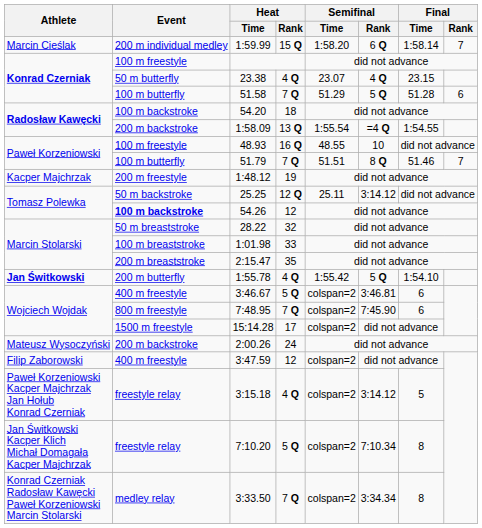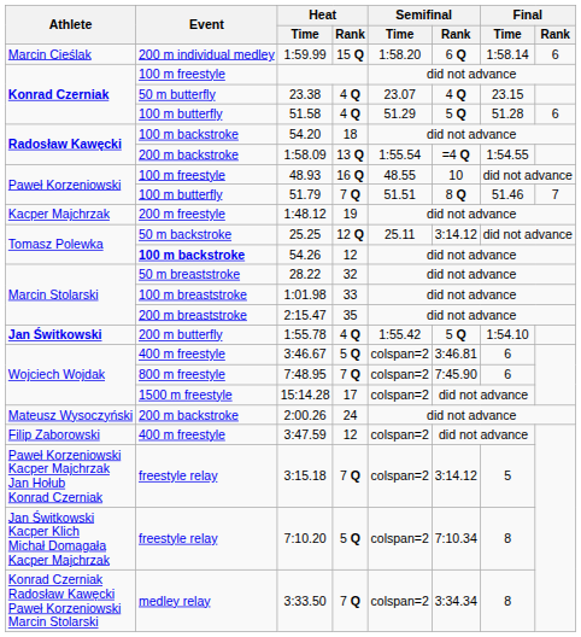 <table class=wikitable style="font-size:90%">
 <tr>
 <th rowspan="2">Athlete</th>
 <th rowspan="2">Event</th>
 <th colspan="2">Heat</th>
 <th colspan="2">Semifinal</th>
 <th colspan="2">Final</th>
 </tr>
 <tr style="font-size:95%">
 <th>Time</th>
 <th>Rank</th>
 <th>Time</th>
 <th>Rank</th>
 <th>Time</th>
 <th>Rank</th>
 </tr>
 <tr align=center>
 <td align=left><a href='#'>Marcin Cieślak</a></td>
 <td align=left><a href='#'>200 m individual medley</a></td>
 <td>1:59.99</td>
 <td>15 <strong>Q</strong></td>
 <td>1:58.20</td>
 <td>6 <strong>Q</strong></td>
 <td>1:58.14</td>
-<td>7</td>
+<td>6</td>
 </tr>
 <tr align=center>
 <td align=left rowspan=3><strong><a href='#'>Konrad Czerniak</a></strong></td>
 <td align=left><a href='#'>100 m freestyle</a></td>
 <td colspan=2></td>
 <td colspan=4>did not advance</td>
 </tr>
 <tr align=center>
 <td align=left><a href='#'>50 m butterfly</a></td>
 <td>23.38</td>
 <td>4 <strong>Q</strong></td>
 <td>23.07</td>
 <td>4 <strong>Q</strong></td>
 <td>23.15</td>
 <td></td>
 </tr>
 <tr align=center>
 <td align=left><a href='#'>100 m butterfly</a></td>
 <td>51.58</td>
-<td>7 <strong>Q</strong></td>
+<td>4 <strong>Q</strong></td>
 <td>51.29</td>
 <td>5 <strong>Q</strong></td>
 <td>51.28</td>
 <td>6</td>
 </tr>
 <tr align=center>
 <td align=left rowspan=2><strong><a href='#'>Radosław Kawęcki</a></strong></td>
 <td align=left><a href='#'>100 m backstroke</a></td>
 <td>54.20</td>
 <td>18</td>
 <td colspan=4>did not advance</td>
 </tr>
 <tr align=center>
 <td align=left><a href='#'>200 m backstroke</a></td>
 <td>1:58.09</td>
 <td>13 <strong>Q</strong></td>
 <td>1:55.54</td>
 <td>=4 <strong>Q</strong></td>
 <td>1:54.55</td>
 <td></td>
 </tr>
 <tr align=center>
 <td align=left rowspan=2><a href='#'>Paweł Korzeniowski</a></td>
 <td align=left><a href='#'>100 m freestyle</a></td>
 <td>48.93</td>
 <td>16 <strong>Q</strong></td>
 <td>48.55</td>
 <td>10</td>
 <td colspan=2>did not advance</td>
 </tr>
 <tr align=center>
 <td align=left><a href='#'>100 m butterfly</a></td>
 <td>51.79</td>
 <td>7 <strong>Q</strong></td>
 <td>51.51</td>
 <td>8 <strong>Q</strong></td>
 <td>51.46</td>
 <td>7</td>
 </tr>
 <tr align=center>
 <td align=left><a href='#'>Kacper Majchrzak</a></td>
 <td align=left><a href='#'>200 m freestyle</a></td>
 <td>1:48.12</td>
 <td>19</td>
 <td colspan=4>did not advance</td>
 </tr>
 <tr align=center>
 <td align=left rowspan=2><a href='#'>Tomasz Polewka</a></td>
 <td align=left><a href='#'>50 m backstroke</a></td>
 <td>25.25</td>
 <td>12 <strong>Q</strong></td>
 <td>25.11</td>
 <td>3:14.12</td>
 <td colspan=2>did not advance</td>
 </tr>
 <tr align=center>
 <td align=left><strong><a href='#'>100 m backstroke</a></strong></td>
 <td>54.26</td>
 <td>12</td>
 <td colspan=4>did not advance</td>
 </tr>
 <tr align=center>
 <td align=left rowspan=3><a href='#'>Marcin Stolarski</a></td>
 <td align=left><a href='#'>50 m breaststroke</a></td>
 <td>28.22</td>
 <td>32</td>
 <td colspan=4>did not advance</td>
 </tr>
 <tr align=center>
 <td align=left><a href='#'>100 m breaststroke</a></td>
 <td>1:01.98</td>
 <td>33</td>
 <td colspan=4>did not advance</td>
 </tr>
 <tr align=center>
 <td align=left><a href='#'>200 m breaststroke</a></td>
 <td>2:15.47</td>
 <td>35</td>
 <td colspan=4>did not advance</td>
 </tr>
 <tr align=center>
 <td align=left><strong><a href='#'>Jan Świtkowski</a></strong></td>
 <td align=left><a href='#'>200 m butterfly</a></td>
 <td>1:55.78</td>
 <td>4 <strong>Q</strong></td>
 <td>1:55.42</td>
 <td>5 <strong>Q</strong></td>
 <td>1:54.10</td>
 <td></td>
 </tr>
 <tr align=center>
 <td align=left rowspan=3><a href='#'>Wojciech Wojdak</a></td>
 <td align=left><a href='#'>400 m freestyle</a></td>
 <td>3:46.67</td>
 <td>5 <strong>Q</strong></td>
 <td>colspan=2 </td>
 <td>3:46.81</td>
 <td>6</td>
 </tr>
 <tr align=center>
 <td align=left><a href='#'>800 m freestyle</a></td>
 <td>7:48.95</td>
 <td>7 <strong>Q</strong></td>
 <td>colspan=2 </td>
 <td>7:45.90</td>
 <td>6</td>
 </tr>
 <tr align=center>
 <td align=left><a href='#'>1500 m freestyle</a></td>
 <td>15:14.28</td>
 <td>17</td>
 <td>colspan=2 </td>
 <td colspan=2>did not advance</td>
 </tr>
 <tr align=center>
 <td align=left><a href='#'>Mateusz Wysoczyński</a></td>
 <td align=left><a href='#'>200 m backstroke</a></td>
 <td>2:00.26</td>
 <td>24</td>
 <td colspan=4>did not advance</td>
 </tr>
 <tr align=center>
 <td align=left><a href='#'>Filip Zaborowski</a></td>
 <td align=left><a href='#'>400 m freestyle</a></td>
 <td>3:47.59</td>
 <td>12</td>
 <td>colspan=2 </td>
 <td colspan=2>did not advance</td>
 </tr>
 <tr align=center>
 <td align=left><a href='#'>Paweł Korzeniowski</a><br><a href='#'>Kacper Majchrzak</a><br><a href='#'>Jan Hołub</a><br><a href='#'>Konrad Czerniak</a></td>
 <td align=left><a href='#'> freestyle relay</a></td>
 <td>3:15.18</td>
-<td>4 <strong>Q</strong></td>
+<td>7 <strong>Q</strong></td>
 <td>colspan=2 </td>
 <td>3:14.12</td>
 <td>5</td>
 </tr>
 <tr align=center>
 <td align=left><a href='#'>Jan Świtkowski</a><br><a href='#'>Kacper Klich</a><br><a href='#'>Michał Domagała</a><br><a href='#'>Kacper Majchrzak</a></td>
 <td align=left><a href='#'> freestyle relay</a></td>
 <td>7:10.20</td>
 <td>5 <strong>Q</strong></td>
 <td>colspan=2 </td>
 <td>7:10.34</td>
 <td>8</td>
 </tr>
 <tr align=center>
 <td align=left><a href='#'>Konrad Czerniak</a><br><a href='#'>Radosław Kawęcki</a><br><a href='#'>Paweł Korzeniowski</a><br><a href='#'>Marcin Stolarski</a></td>
 <td align=left><a href='#'> medley relay</a></td>
 <td>3:33.50</td>
 <td>7 <strong>Q</strong></td>
 <td>colspan=2 </td>
 <td>3:34.34</td>
 <td>8</td>
 </tr>
 </table>
